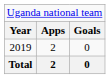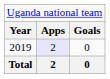 <table class="wikitable" style="text-align:center">
 <tr>
 <td colspan="3"><a href='#'>Uganda national team</a></td>
 </tr>
 <tr>
 <th>Year</th>
 <th>Apps</th>
 <th>Goals</th>
 </tr>
 <tr>
 <td>2019</td>
-<td>2</td>
+<td style="background: lavender;">2</td>
 <td>0</td>
 </tr>
 <tr>
 <th>Total</th>
 <th>2</th>
 <th>0</th>
 </tr>
 </table>
